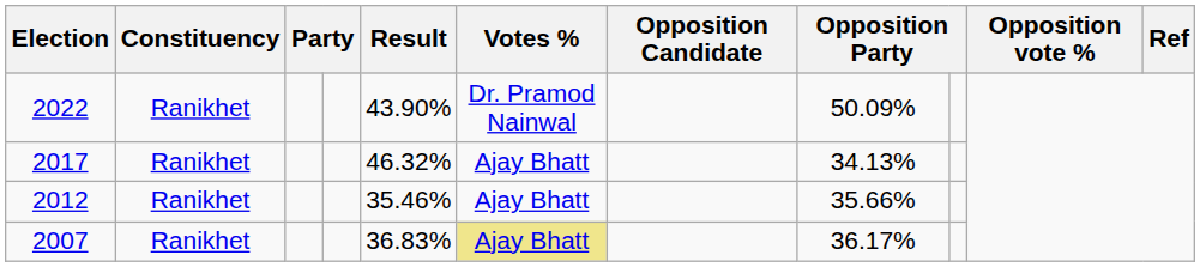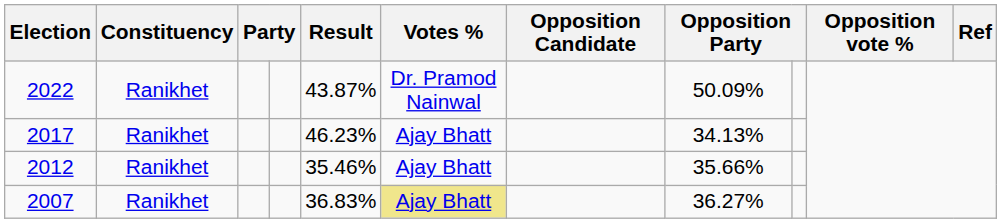 <table class="wikitable" width="60%" style="text-align:center;">
 <tr>
 <th>Election</th>
 <th>Constituency</th>
 <th colspan="2">Party</th>
 <th>Result</th>
 <th>Votes %</th>
 <th>Opposition Candidate</th>
 <th colspan="2">Opposition Party</th>
 <th>Opposition vote %</th>
 <th>Ref</th>
 </tr>
 <tr>
 <td><a href='#'>2022</a></td>
 <td><a href='#'>Ranikhet</a></td>
 <td></td>
 <td></td>
-<td>43.90%</td>
+<td>43.87%</td>
 <td><a href='#'>Dr. Pramod Nainwal</a></td>
 <td></td>
 <td>50.09%</td>
 <td></td>
 </tr>
 <tr>
 <td><a href='#'>2017</a></td>
 <td><a href='#'>Ranikhet</a></td>
 <td></td>
 <td></td>
-<td>46.32%</td>
+<td>46.23%</td>
 <td><a href='#'>Ajay Bhatt</a></td>
 <td></td>
 <td>34.13%</td>
 <td></td>
 </tr>
 <tr>
 <td><a href='#'>2012</a></td>
 <td><a href='#'>Ranikhet</a></td>
 <td></td>
 <td></td>
 <td>35.46%</td>
 <td><a href='#'>Ajay Bhatt</a></td>
 <td></td>
 <td>35.66%</td>
 <td></td>
 </tr>
 <tr>
 <td><a href='#'>2007</a></td>
 <td><a href='#'>Ranikhet</a></td>
 <td></td>
 <td></td>
 <td>36.83%</td>
 <td style="background: khaki;"><a href='#'>Ajay Bhatt</a></td>
 <td></td>
-<td>36.17%</td>
+<td>36.27%</td>
 <td></td>
 </tr>
 </table>
